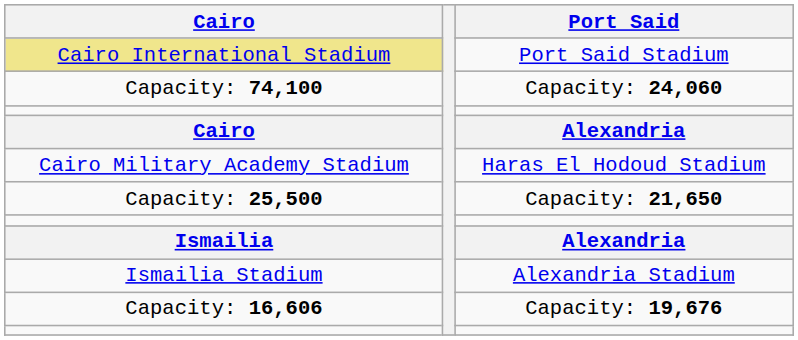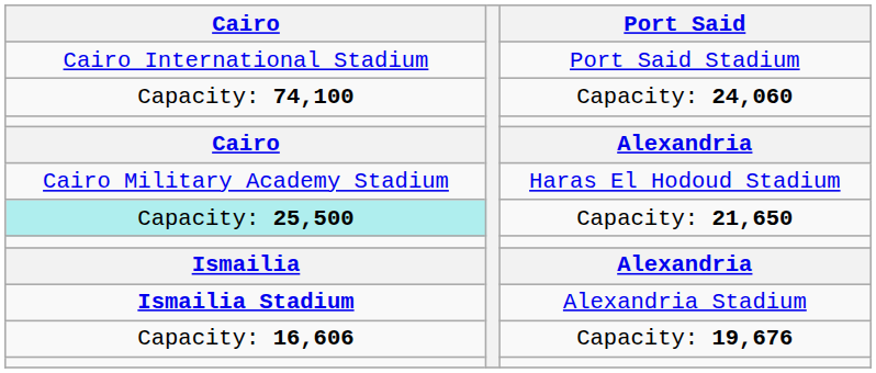 <table class="wikitable" style="text-align:center" width="500px">
 <tr>
 <th><a href='#'>Cairo</a></th>
 <th colspan="2" rowspan="12" text-align="center"></th>
 <th><a href='#'>Port Said</a></th>
 </tr>
 <tr>
-<td style="background: khaki;"><a href='#'>Cairo International Stadium</a></td>
+<td><a href='#'>Cairo International Stadium</a></td>
 <td><a href='#'>Port Said Stadium</a></td>
 </tr>
 <tr>
 <td>Capacity: <strong>74,100</strong></td>
 <td>Capacity: <strong>24,060</strong></td>
 </tr>
 <tr>
 <td></td>
 <td></td>
 </tr>
 <tr>
 <th><a href='#'>Cairo</a></th>
 <th><a href='#'>Alexandria</a></th>
 </tr>
 <tr>
 <td><a href='#'>Cairo Military Academy Stadium</a></td>
 <td><a href='#'>Haras El Hodoud Stadium</a></td>
 </tr>
 <tr>
-<td>Capacity: <strong>25,500</strong></td>
+<td style="background: paleturquoise;">Capacity: <strong>25,500</strong></td>
 <td>Capacity: <strong>21,650</strong></td>
 </tr>
 <tr>
 <td></td>
 <td></td>
 </tr>
 <tr>
 <th><a href='#'>Ismailia</a></th>
 <th><a href='#'>Alexandria</a></th>
 </tr>
 <tr>
-<td><a href='#'>Ismailia Stadium</a></td>
+<td><strong><a href='#'>Ismailia Stadium</a></strong></td>
 <td><a href='#'>Alexandria Stadium</a></td>
 </tr>
 <tr>
 <td>Capacity: <strong>16,606</strong></td>
 <td>Capacity: <strong>19,676</strong></td>
 </tr>
 <tr>
 <td></td>
 <td></td>
 </tr>
 </table>
